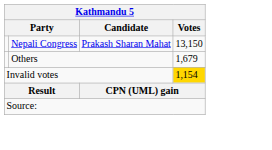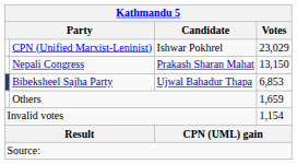 <table class="wikitable">
 <tr>
 <th colspan="4"><a href='#'>Kathmandu 5</a></th>
 </tr>
 <tr>
 <th colspan="2">Party</th>
 <th>Candidate</th>
 <th>Votes</th>
 </tr>
 <tr>
 <td style="background-color:"></td>
+<td><a href='#'>CPN (Unified Marxist-Leninist)</a></td>
+<td>Ishwar Pokhrel</td>
+<td>23,029</td>
+</tr>
+<tr>
+<td style="background-color:"></td>
 <td><a href='#'>Nepali Congress</a></td>
 <td><a href='#'>Prakash Sharan Mahat</a></td>
 <td>13,150</td>
 </tr>
 <tr>
+<td style="background-color:#183F73"></td>
+<td><a href='#'>Bibeksheel Sajha Party</a></td>
+<td><a href='#'>Ujwal Bahadur Thapa</a></td>
+<td>6,853</td>
+</tr>
+<tr>
 <td></td>
 <td colspan="2">Others</td>
-<td>1,679</td>
+<td>1,659</td>
 </tr>
 <tr>
 <td colspan="3">Invalid votes</td>
-<td style="background: gold;">1,154</td>
+<td>1,154</td>
 </tr>
 <tr>
 <th colspan="2">Result</th>
 <th colspan="2">CPN (UML) gain</th>
 </tr>
 <tr>
 <td colspan="4">Source: </td>
 </tr>
 </table>
